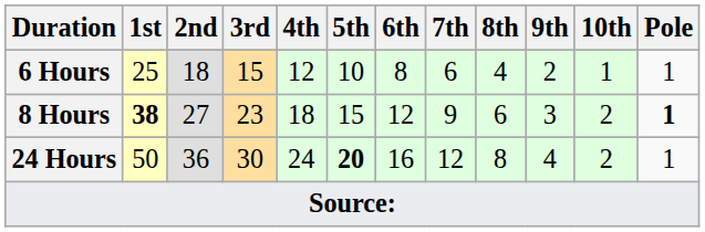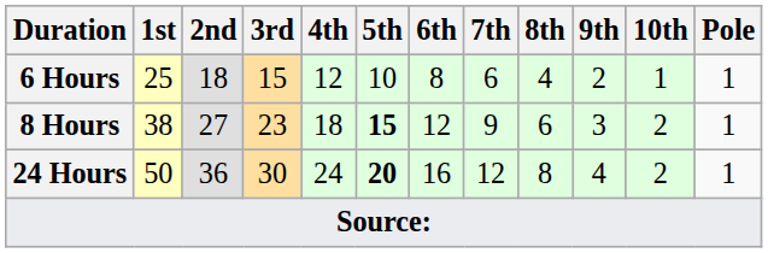 <table class="wikitable" style="font-size:90%; text-align:center;">
 <tr>
 <th>Duration</th>
 <th>1st</th>
 <th>2nd</th>
 <th>3rd</th>
 <th>4th</th>
 <th>5th</th>
 <th>6th</th>
 <th>7th</th>
 <th>8th</th>
 <th>9th</th>
 <th>10th</th>
 <th>Pole</th>
 </tr>
 <tr>
 <th>6 Hours</th>
 <td style="background:#ffffbf;">25</td>
 <td style="background:#dfdfdf;">18</td>
 <td style="background:#ffdf9f;">15</td>
 <td style="background:#dfffdf;">12</td>
 <td style="background:#dfffdf;">10</td>
 <td style="background:#dfffdf;">8</td>
 <td style="background:#dfffdf;">6</td>
 <td style="background:#dfffdf;">4</td>
 <td style="background:#dfffdf;">2</td>
 <td style="background:#dfffdf;">1</td>
 <td>1</td>
 </tr>
 <tr>
 <th>8 Hours</th>
-<td style="background:#ffffbf;"><strong>38</strong></td>
+<td style="background:#ffffbf;">38</td>
 <td style="background:#dfdfdf;">27</td>
 <td style="background:#ffdf9f;">23</td>
 <td style="background:#dfffdf;">18</td>
-<td style="background:#dfffdf;">15</td>
+<td style="background:#dfffdf;"><strong>15</strong></td>
 <td style="background:#dfffdf;">12</td>
 <td style="background:#dfffdf;">9</td>
 <td style="background:#dfffdf;">6</td>
 <td style="background:#dfffdf;">3</td>
 <td style="background:#dfffdf;">2</td>
-<td><strong>1</strong></td>
+<td>1</td>
 </tr>
 <tr>
 <th>24 Hours</th>
 <td style="background:#ffffbf;">50</td>
 <td style="background:#dfdfdf;">36</td>
 <td style="background:#ffdf9f;">30</td>
 <td style="background:#dfffdf;">24</td>
 <td style="background:#dfffdf;"><strong>20</strong></td>
 <td style="background:#dfffdf;">16</td>
 <td style="background:#dfffdf;">12</td>
 <td style="background:#dfffdf;">8</td>
 <td style="background:#dfffdf;">4</td>
 <td style="background:#dfffdf;">2</td>
 <td>1</td>
 </tr>
 <tr class="sortbottom">
 <td colspan="12" style="background-color:#EAECF0;text-align:center"><strong>Source:</strong></td>
 </tr>
 </table>
